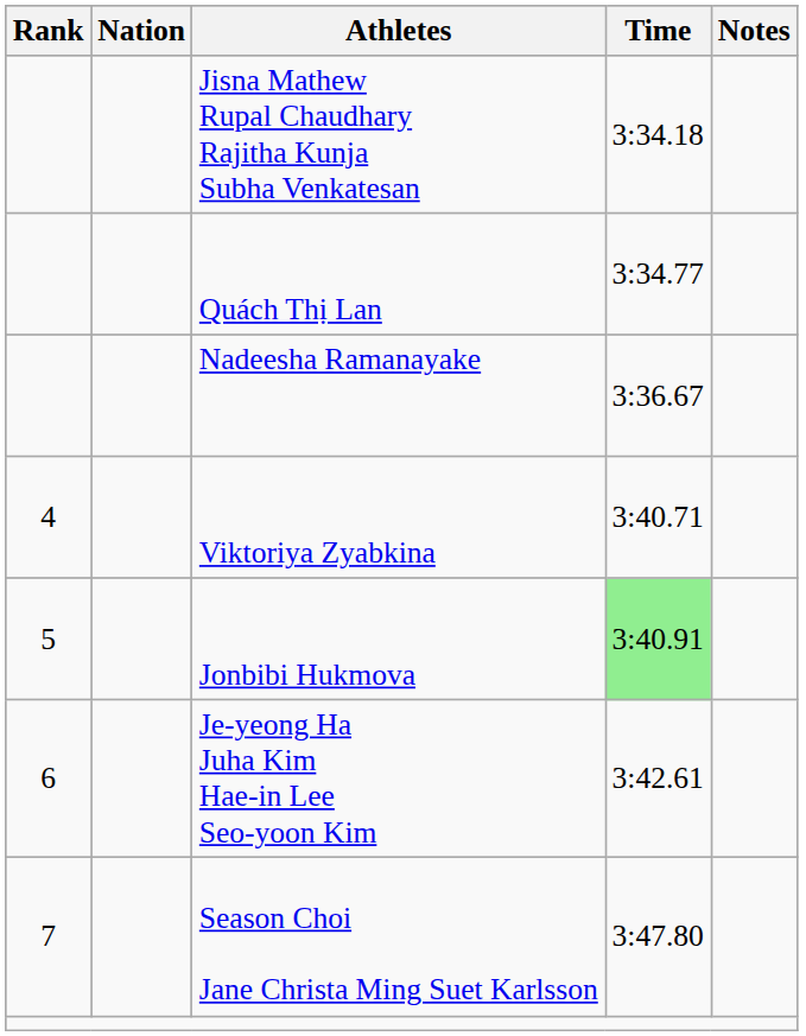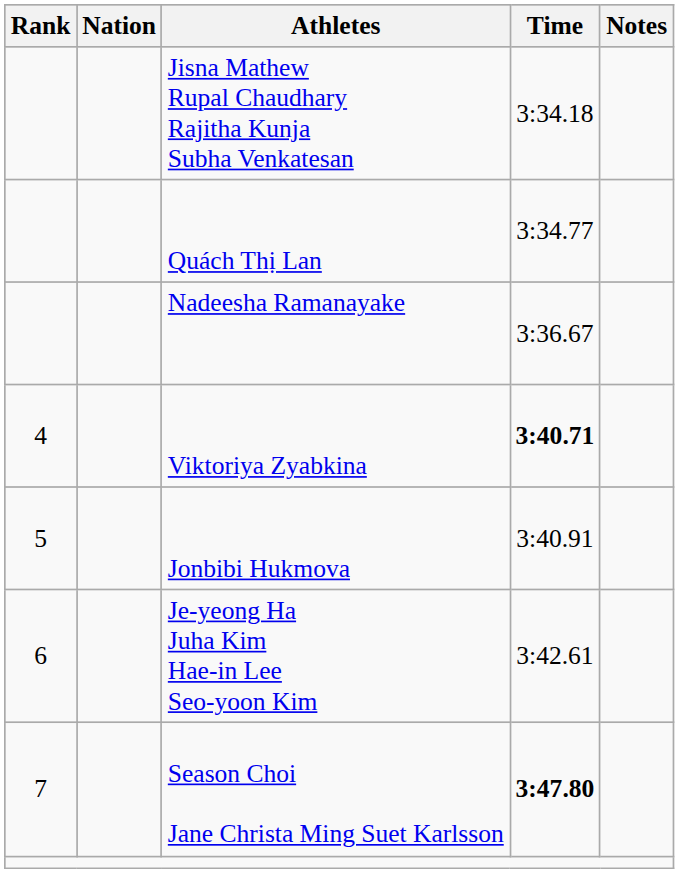 <table class="wikitable sortable" style="text-align:center;font-size:95%">
 <tr>
 <th scope="col" style="width: 10px;">Rank</th>
 <th scope="col">Nation</th>
 <th scope="col">Athletes</th>
 <th scope="col">Time</th>
 <th scope="col">Notes</th>
 </tr>
 <tr>
 <td></td>
 <td align="left"></td>
 <td align="left"><a href='#'>Jisna Mathew</a><br><a href='#'>Rupal Chaudhary</a><br><a href='#'>Rajitha Kunja</a><br><a href='#'>Subha Venkatesan</a></td>
 <td>3:34.18</td>
 <td></td>
 </tr>
 <tr>
 <td></td>
 <td align="left"></td>
 <td align="left"><br><br><a href='#'>Quách Thị Lan</a><br></td>
 <td>3:34.77</td>
 <td></td>
 </tr>
 <tr>
 <td></td>
 <td align="left"></td>
 <td align="left"><a href='#'>Nadeesha Ramanayake</a><br><br><br></td>
 <td>3:36.67</td>
 <td></td>
 </tr>
 <tr>
 <td>4</td>
 <td align="left"></td>
 <td align="left"><br><br><a href='#'>Viktoriya Zyabkina</a><br></td>
-<td>3:40.71</td>
+<td><strong>3:40.71</strong></td>
 <td></td>
 </tr>
 <tr>
 <td>5</td>
 <td align="left"></td>
 <td align="left"><br><br><a href='#'>Jonbibi Hukmova</a><br></td>
-<td style="background: lightgreen;">3:40.91</td>
+<td>3:40.91</td>
 <td></td>
 </tr>
 <tr>
 <td>6</td>
 <td align="left"></td>
 <td align="left"><a href='#'>Je-yeong Ha</a><br><a href='#'>Juha Kim</a><br><a href='#'>Hae-in Lee</a><br><a href='#'>Seo-yoon Kim</a></td>
 <td>3:42.61</td>
 <td></td>
 </tr>
 <tr>
 <td>7</td>
 <td align="left"></td>
 <td align="left"><br><a href='#'>Season Choi</a><br><br><a href='#'>Jane Christa Ming Suet Karlsson</a></td>
-<td>3:47.80</td>
+<td><strong>3:47.80</strong></td>
 <td></td>
 </tr>
 <tr class="sortbottom">
 <td colspan="5"></td>
 </tr>
 </table>
